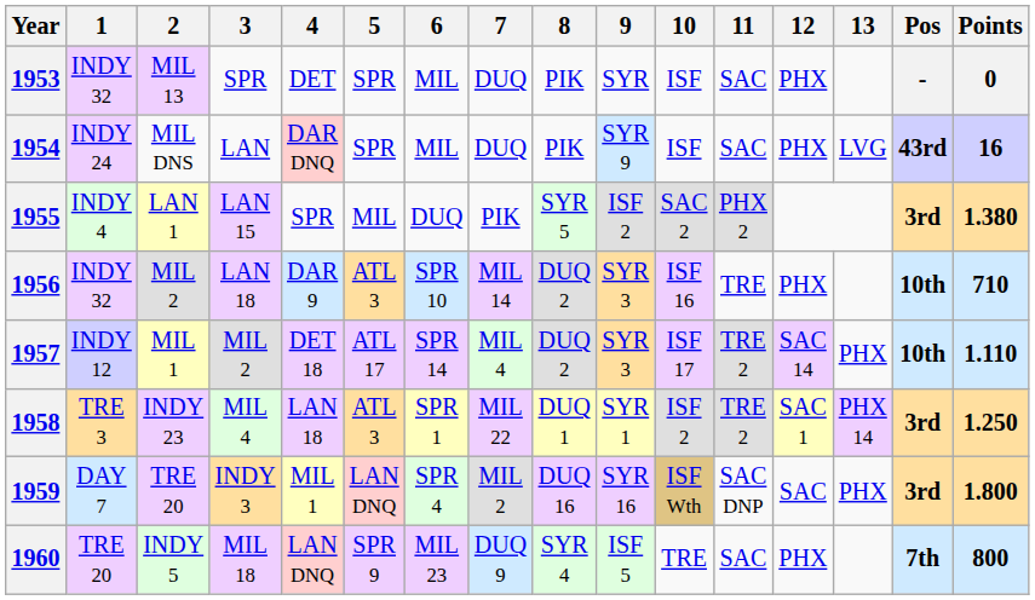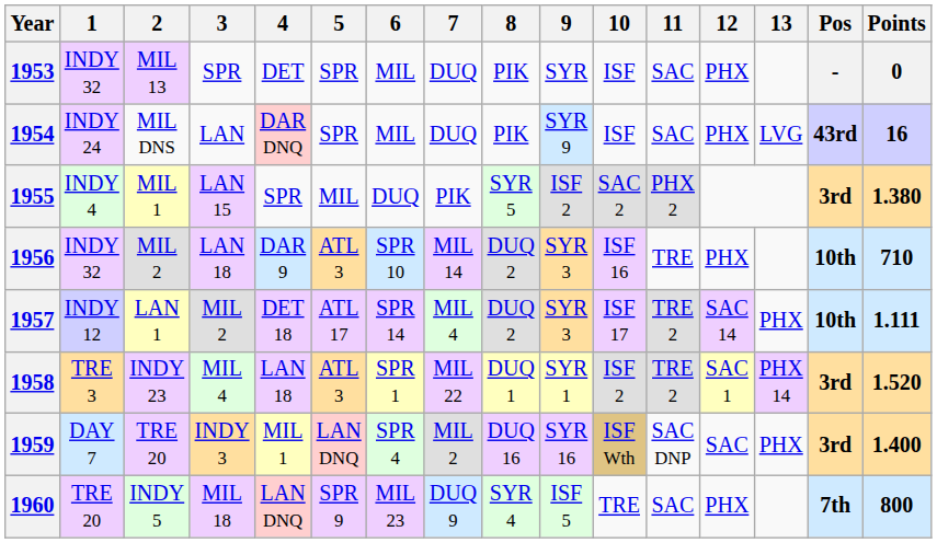 <table class="wikitable" style="text-align:center; font-size:90%">
 <tr>
 <th>Year</th>
 <th>1</th>
 <th>2</th>
 <th>3</th>
 <th>4</th>
 <th>5</th>
 <th>6</th>
 <th>7</th>
 <th>8</th>
 <th>9</th>
 <th>10</th>
 <th>11</th>
 <th>12</th>
 <th>13</th>
 <th>Pos</th>
 <th>Points</th>
 </tr>
 <tr>
 <th rowspan=1><a href='#'>1953</a></th>
 <td style="background:#EFCFFF;"><a href='#'>INDY</a><br><small>32</small></td>
 <td style="background:#EFCFFF;"><a href='#'>MIL</a><br><small>13</small></td>
 <td><a href='#'>SPR</a><br><small> </small></td>
 <td><a href='#'>DET</a><br><small> </small></td>
 <td><a href='#'>SPR</a><br><small> </small></td>
 <td><a href='#'>MIL</a><br><small> </small></td>
 <td><a href='#'>DUQ</a><br><small> </small></td>
 <td><a href='#'>PIK</a></td>
 <td><a href='#'>SYR</a><br><small> </small></td>
 <td><a href='#'>ISF</a><br><small> </small></td>
 <td><a href='#'>SAC</a><br><small> </small></td>
 <td><a href='#'>PHX</a><br><small> </small></td>
 <td colspan=1></td>
 <th>-</th>
 <th>0</th>
 </tr>
 <tr>
 <th rowspan=1><a href='#'>1954</a></th>
 <td style="background:#EFCFFF;"><a href='#'>INDY</a><br><small>24</small></td>
 <td><a href='#'>MIL</a><br><small>DNS</small></td>
 <td><a href='#'>LAN</a></td>
 <td style="background:#FFCFCF;"><a href='#'>DAR</a><br><small>DNQ</small></td>
 <td><a href='#'>SPR</a><br><small> </small></td>
 <td><a href='#'>MIL</a></td>
 <td><a href='#'>DUQ</a><br><small> </small></td>
 <td><a href='#'>PIK</a></td>
 <td style="background:#CFEAFF;"><a href='#'>SYR</a><br><small>9</small></td>
 <td><a href='#'>ISF</a><br><small> </small></td>
 <td><a href='#'>SAC</a><br><small> </small></td>
 <td><a href='#'>PHX</a><br><small> </small></td>
 <td><a href='#'>LVG</a><br><small> </small></td>
 <th style="background:#CFCFFF;">43rd</th>
 <th style="background:#CFCFFF;">16</th>
 </tr>
 <tr>
 <th rowspan=1><a href='#'>1955</a></th>
 <td style="background:#DFFFDF;"><a href='#'>INDY</a><br><small>4</small></td>
-<td style="background:#FFFFBF;"><a href='#'>LAN</a><br><small>1</small></td>
+<td style="background:#FFFFBF;"><a href='#'>MIL</a><br><small>1</small></td>
 <td style="background:#EFCFFF;"><a href='#'>LAN</a><br><small>15</small></td>
 <td><a href='#'>SPR</a><br><small> </small></td>
 <td><a href='#'>MIL</a><br><small> </small></td>
 <td><a href='#'>DUQ</a><br><small> </small></td>
 <td><a href='#'>PIK</a></td>
 <td style="background:#DFFFDF;"><a href='#'>SYR</a><br><small>5</small></td>
 <td style="background:#DFDFDF;"><a href='#'>ISF</a><br><small>2</small></td>
 <td style="background:#DFDFDF;"><a href='#'>SAC</a><br><small>2</small></td>
 <td style="background:#DFDFDF;"><a href='#'>PHX</a><br><small>2</small></td>
 <td colspan=2></td>
 <th style="background:#FFDF9F;">3rd</th>
 <th style="background:#FFDF9F;">1.380</th>
 </tr>
 <tr>
 <th rowspan=1><a href='#'>1956</a></th>
 <td style="background:#EFCFFF;"><a href='#'>INDY</a><br><small>32</small></td>
 <td style="background:#DFDFDF;"><a href='#'>MIL</a><br><small>2</small></td>
 <td style="background:#EFCFFF;"><a href='#'>LAN</a><br><small>18</small></td>
 <td style="background:#CFEAFF;"><a href='#'>DAR</a><br><small>9</small></td>
 <td style="background:#FFDF9F;"><a href='#'>ATL</a><br><small>3</small></td>
 <td style="background:#CFEAFF;"><a href='#'>SPR</a><br><small>10</small></td>
 <td style="background:#EFCFFF;"><a href='#'>MIL</a><br><small>14</small></td>
 <td style="background:#DFDFDF;"><a href='#'>DUQ</a><br><small>2</small></td>
 <td style="background:#FFDF9F;"><a href='#'>SYR</a><br><small>3</small></td>
 <td style="background:#EFCFFF;"><a href='#'>ISF</a><br><small>16</small></td>
 <td><a href='#'>TRE</a><br><small> </small></td>
 <td><a href='#'>PHX</a><br><small> </small></td>
 <td colspan=1></td>
 <th style="background:#CFEAFF;">10th</th>
 <th style="background:#CFEAFF;">710</th>
 </tr>
 <tr>
 <th rowspan=1><a href='#'>1957</a></th>
 <td style="background:#CFCFFF;"><a href='#'>INDY</a><br><small>12</small></td>
-<td style="background:#FFFFBF;"><a href='#'>MIL</a><br><small>1</small></td>
+<td style="background:#FFFFBF;"><a href='#'>LAN</a><br><small>1</small></td>
 <td style="background:#DFDFDF;"><a href='#'>MIL</a><br><small>2</small></td>
 <td style="background:#EFCFFF;"><a href='#'>DET</a><br><small>18</small></td>
 <td style="background:#EFCFFF;"><a href='#'>ATL</a><br><small>17</small></td>
 <td style="background:#EFCFFF;"><a href='#'>SPR</a><br><small>14</small></td>
 <td style="background:#DFFFDF;"><a href='#'>MIL</a><br><small>4</small></td>
 <td style="background:#DFDFDF;"><a href='#'>DUQ</a><br><small>2</small></td>
 <td style="background:#FFDF9F;"><a href='#'>SYR</a><br><small>3</small></td>
 <td style="background:#EFCFFF;"><a href='#'>ISF</a><br><small>17</small></td>
 <td style="background:#DFDFDF;"><a href='#'>TRE</a><br><small>2</small></td>
 <td style="background:#EFCFFF;"><a href='#'>SAC</a><br><small>14</small></td>
 <td><a href='#'>PHX</a><br><small> </small></td>
 <th style="background:#CFEAFF;">10th</th>
-<th style="background:#CFEAFF;">1.110</th>
+<th style="background:#CFEAFF;">1.111</th>
 </tr>
 <tr>
 <th rowspan=1><a href='#'>1958</a></th>
 <td style="background:#FFDF9F;"><a href='#'>TRE</a><br><small>3</small></td>
 <td style="background:#EFCFFF;"><a href='#'>INDY</a><br><small>23</small></td>
 <td style="background:#DFFFDF;"><a href='#'>MIL</a><br><small>4</small></td>
 <td style="background:#EFCFFF;"><a href='#'>LAN</a><br><small>18</small></td>
 <td style="background:#FFDF9F;"><a href='#'>ATL</a><br><small>3</small></td>
 <td style="background:#FFFFBF;"><a href='#'>SPR</a><br><small>1</small></td>
 <td style="background:#EFCFFF;"><a href='#'>MIL</a><br><small>22</small></td>
 <td style="background:#FFFFBF;"><a href='#'>DUQ</a><br><small>1</small></td>
 <td style="background:#FFFFBF;"><a href='#'>SYR</a><br><small>1</small></td>
 <td style="background:#DFDFDF;"><a href='#'>ISF</a><br><small>2</small></td>
 <td style="background:#DFDFDF;"><a href='#'>TRE</a><br><small>2</small></td>
 <td style="background:#FFFFBF;"><a href='#'>SAC</a><br><small>1</small></td>
 <td style="background:#EFCFFF;"><a href='#'>PHX</a><br><small>14</small></td>
 <th style="background:#FFDF9F;">3rd</th>
-<th style="background:#FFDF9F;">1.250</th>
+<th style="background:#FFDF9F;">1.520</th>
 </tr>
 <tr>
 <th rowspan=1><a href='#'>1959</a></th>
 <td style="background:#cfeaff;"><a href='#'>DAY</a><br><small>7</small></td>
 <td style="background:#efcfff;"><a href='#'>TRE</a><br><small>20</small></td>
 <td style="background:#ffdf9f;"><a href='#'>INDY</a><br><small>3</small></td>
 <td style="background:#ffffbf;"><a href='#'>MIL</a><br><small>1</small></td>
 <td style="background:#ffcfcf;"><a href='#'>LAN</a><br><small>DNQ</small></td>
 <td style="background:#dfffdf;"><a href='#'>SPR</a><br><small>4</small></td>
 <td style="background:#dfdfdf;"><a href='#'>MIL</a><br><small>2</small></td>
 <td style="background:#efcfff;"><a href='#'>DUQ</a><br><small>16</small></td>
 <td style="background:#efcfff;"><a href='#'>SYR</a><br><small>16</small></td>
 <td style="background:#dfc484;"><a href='#'>ISF</a><br><small>Wth</small></td>
 <td><a href='#'>SAC</a><br><small>DNP</small></td>
 <td><a href='#'>SAC</a><br><small> </small></td>
 <td><a href='#'>PHX</a><br><small> </small></td>
 <th style="background:#FFDF9F;">3rd</th>
-<th style="background:#FFDF9F;">1.800</th>
+<th style="background:#FFDF9F;">1.400</th>
 </tr>
 <tr>
 <th><a href='#'>1960</a></th>
 <td style="background:#EFCFFF;"><a href='#'>TRE</a><br><small>20</small></td>
 <td style="background:#DFFFDF;"><a href='#'>INDY</a><br><small>5</small></td>
 <td style="background:#EFCFFF;"><a href='#'>MIL</a><br><small>18</small></td>
 <td style="background:#FFCFCF;"><a href='#'>LAN</a><br><small>DNQ</small></td>
 <td style="background:#EFCFFF;"><a href='#'>SPR</a><br><small>9</small></td>
 <td style="background:#EFCFFF;"><a href='#'>MIL</a><br><small>23</small></td>
 <td style="background:#CFEAFF;"><a href='#'>DUQ</a><br><small>9</small></td>
 <td style="background:#DFFFDF;"><a href='#'>SYR</a><br><small>4</small></td>
 <td style="background:#DFFFDF;"><a href='#'>ISF</a><br><small>5</small></td>
 <td><a href='#'>TRE</a><br><small> </small></td>
 <td><a href='#'>SAC</a><br><small> </small></td>
 <td><a href='#'>PHX</a><br><small> </small></td>
 <td colspan=1></td>
 <th style="background:#CFEAFF;">7th</th>
 <th style="background:#CFEAFF;">800</th>
 </tr>
 </table>
